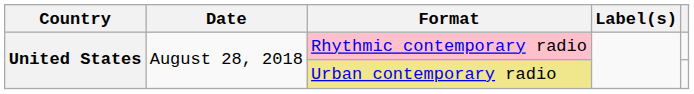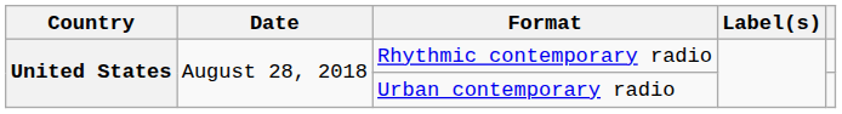 <table class="wikitable plainrowheaders">
 <tr>
 <th>Country</th>
 <th>Date</th>
 <th>Format</th>
 <th>Label(s)</th>
 <th></th>
 </tr>
 <tr>
 <th scope="row" rowspan=2>United States</th>
 <td rowspan=2>August 28, 2018</td>
-<td style="background: pink;"><a href='#'>Rhythmic contemporary</a> radio</td>
+<td><a href='#'>Rhythmic contemporary</a> radio</td>
 <td rowspan=2></td>
 <td></td>
 </tr>
 <tr>
-<td style="background: khaki;"><a href='#'>Urban contemporary</a> radio</td>
+<td><a href='#'>Urban contemporary</a> radio</td>
 <td></td>
 </tr>
 </table>
